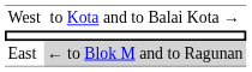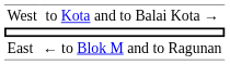 <table cellspacing="0" cellpadding="3">
 <tr>
 <td style="border-top:solid 1px gray">West</td>
 <td style="text-align:center;border-top:solid 1px gray"> to <a href='#'>Kota</a> and  to Balai Kota  →</td>
 </tr>
 <tr>
 <td colspan="2" style="text-align:center; border:solid 2px black; "></td>
 </tr>
 <tr>
 <td style="border-bottom:solid 1px gray">East</td>
-<td style="background: lightgrey; text-align:center ; border-bottom:solid 1px gray">←   to <a href='#'>Blok M</a> and  to Ragunan</td>
+<td style="text-align:center ; border-bottom:solid 1px gray">←   to <a href='#'>Blok M</a> and  to Ragunan</td>
 </tr>
 </table>
